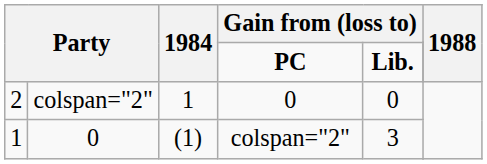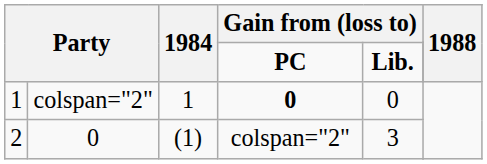 <table class="wikitable" style="text-align:center" align="center">
 <tr>
 <th rowspan="2" colspan="2">Party</th>
 <th rowspan="2">1984</th>
 <th colspan="4">Gain from (loss to)</th>
 <th rowspan="2">1988</th>
 </tr>
 <tr>
 <td><strong>PC</strong></td>
 <td><strong>Lib.</strong></td>
 </tr>
 <tr>
-<td>2</td>
+<td>1</td>
 <td>colspan="2" </td>
 <td>1</td>
-<td>0</td>
+<td><strong>0</strong></td>
 <td>0</td>
 </tr>
 <tr>
-<td>1</td>
+<td>2</td>
 <td>0</td>
 <td>(1)</td>
 <td>colspan="2" </td>
 <td>3</td>
 </tr>
 </table>
